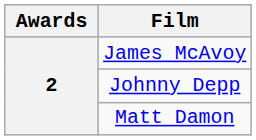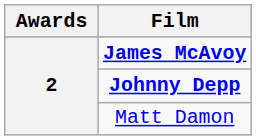 <table class="wikitable" style="text-align: center">
 <tr>
 <th scope="col" width="55">Awards</th>
 <th scope="col">Film</th>
 </tr>
 <tr>
 <th scope="row" rowspan=3>2</th>
-<td><a href='#'>James McAvoy</a></td>
+<td><strong><a href='#'>James McAvoy</a></strong></td>
 </tr>
 <tr>
-<td><a href='#'>Johnny Depp</a></td>
+<td><strong><a href='#'>Johnny Depp</a></strong></td>
 </tr>
 <tr>
 <td><a href='#'>Matt Damon</a></td>
 </tr>
 </table>
